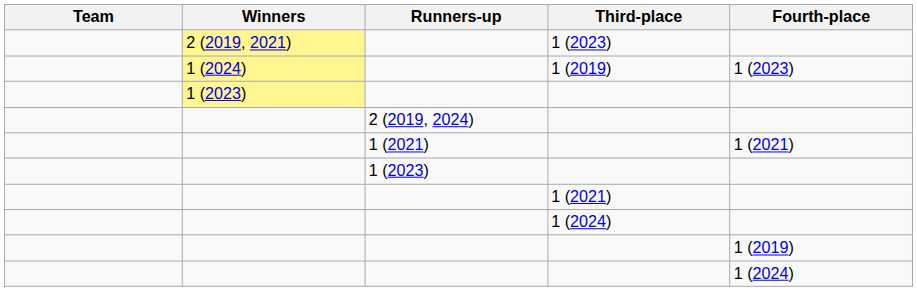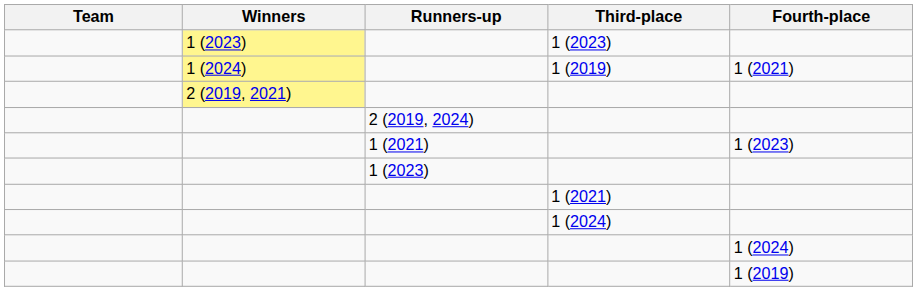 <table class="wikitable sortable" style="width: 900px;">
 <tr>
 <th style="width: 19.5%;">Team</th>
 <th style="width: 20%;">Winners</th>
 <th style="width: 20%;">Runners-up</th>
 <th style="width: 20%;">Third-place</th>
 <th style="width: 20%;">Fourth-place</th>
 </tr>
 <tr>
 <td></td>
-<td style=background:#FFF68F>2 (<a href='#'>2019</a>, <a href='#'>2021</a>)</td>
+<td style=background:#FFF68F>1 (<a href='#'>2023</a>)</td>
 <td></td>
 <td>1 (<a href='#'>2023</a>)</td>
 <td></td>
 </tr>
 <tr>
 <td></td>
 <td style=background:#FFF68F>1 (<a href='#'>2024</a>)</td>
 <td></td>
 <td>1 (<a href='#'>2019</a>)</td>
-<td>1 (<a href='#'>2023</a>)</td>
+<td>1 (<a href='#'>2021</a>)</td>
 </tr>
 <tr>
 <td></td>
-<td style=background:#FFF68F>1 (<a href='#'>2023</a>)</td>
+<td style=background:#FFF68F>2 (<a href='#'>2019</a>, <a href='#'>2021</a>)</td>
 <td></td>
 <td></td>
 <td></td>
 </tr>
 <tr>
 <td></td>
 <td></td>
 <td>2 (<a href='#'>2019</a>, <a href='#'>2024</a>)</td>
 <td></td>
 <td></td>
 </tr>
 <tr>
 <td></td>
 <td></td>
 <td>1 (<a href='#'>2021</a>)</td>
 <td></td>
-<td>1 (<a href='#'>2021</a>)</td>
+<td>1 (<a href='#'>2023</a>)</td>
 </tr>
 <tr>
 <td></td>
 <td></td>
 <td>1 (<a href='#'>2023</a>)</td>
 <td></td>
 <td></td>
 </tr>
 <tr>
 <td></td>
 <td></td>
 <td></td>
 <td>1 (<a href='#'>2021</a>)</td>
 <td></td>
 </tr>
 <tr>
 <td></td>
 <td></td>
 <td></td>
 <td>1 (<a href='#'>2024</a>)</td>
 <td></td>
 </tr>
 <tr>
 <td></td>
 <td></td>
 <td></td>
 <td></td>
-<td>1 (<a href='#'>2019</a>)</td>
+<td>1 (<a href='#'>2024</a>)</td>
 </tr>
 <tr>
 <td></td>
 <td></td>
 <td></td>
 <td></td>
-<td>1 (<a href='#'>2024</a>)</td>
+<td>1 (<a href='#'>2019</a>)</td>
 </tr>
 </table>
